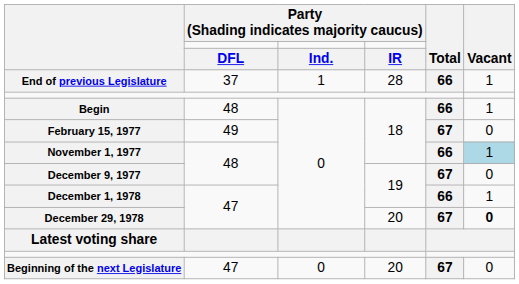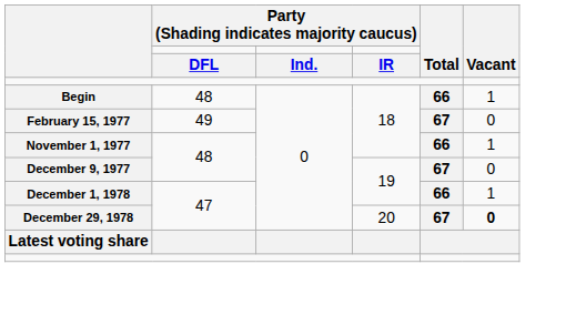 <table class=wikitable style="text-align:center">
 <tr style="vertical-align:bottom;">
 <th rowspan=3></th>
 <th colspan=3>Party <div>(Shading indicates majority caucus)</div></th>
 <th rowspan=3>Total</th>
 <th rowspan=3>Vacant</th>
 </tr>
 <tr style="height:5px">
 <td style="background-color:"></td>
 <td style="background-color:"></td>
 <td style="background-color:"></td>
 </tr>
 <tr>
 <th><a href='#'>DFL</a></th>
 <th><a href='#'>Ind.</a></th>
 <th><a href='#'>IR</a></th>
-</tr>
-<tr>
-<th style="white-space:nowrap; font-size:80%;">End of <a href='#'>previous Legislature</a></th>
-<td>37</td>
-<td>1</td>
-<td>28</td>
-<th>66</th>
-<td>1</td>
 </tr>
 <tr>
 <td colspan=5></td>
 </tr>
 <tr>
 <th style="font-size:80%">Begin</th>
 <td>48</td>
 <td rowspan=6>0</td>
 <td rowspan=3>18</td>
 <th>66</th>
 <td>1</td>
 </tr>
 <tr>
 <th style="font-size:80%">February 15, 1977 </th>
 <td>49</td>
 <th>67</th>
 <td>0</td>
 </tr>
 <tr>
 <th style="font-size:80%">November 1, 1977 </th>
 <td rowspan=2 >48</td>
 <th>66</th>
-<td style="background: lightblue;">1</td>
+<td>1</td>
 </tr>
 <tr>
 <th style="font-size:80%">December 9, 1977 </th>
 <td rowspan=2>19</td>
 <th>67</th>
 <td>0</td>
 </tr>
 <tr>
 <th style="font-size:80%">December 1, 1978 </th>
 <td rowspan=2 >47</td>
 <th>66</th>
 <td>1</td>
 </tr>
 <tr>
 <th style="font-size:80%">December 29, 1978 </th>
 <td>20</td>
 <th>67</th>
 <td><strong>0</strong></td>
 </tr>
 <tr>
 <th>Latest voting share</th>
 <th></th>
 <th></th>
 <th></th>
 <th colspan=2></th>
 </tr>
 <tr>
 <td colspan=4></td>
 </tr>
-<tr>
-<th style="white-space:nowrap; font-size:80%;">Beginning of the <a href='#'>next Legislature</a></th>
-<td>47</td>
-<td>0</td>
-<td>20</td>
-<th>67</th>
-<td>0</td>
-</tr>
 </table>
